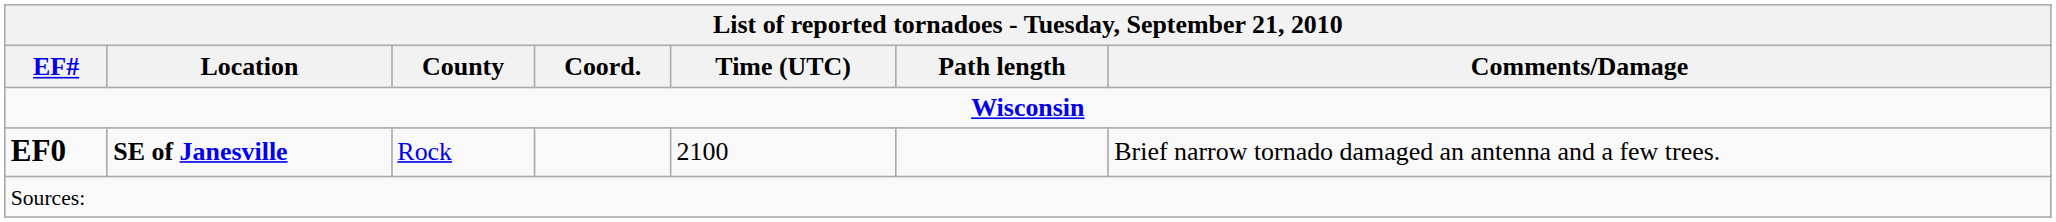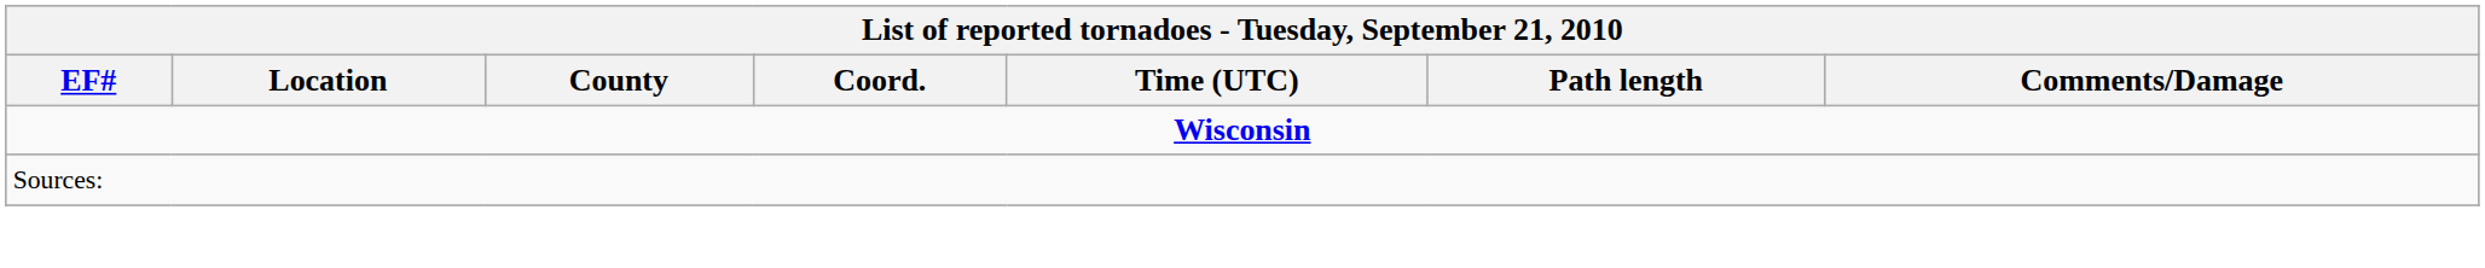 <table class="wikitable collapsible" width="100%">
 <tr>
 <th colspan="7">List of reported tornadoes - Tuesday, September 21, 2010</th>
 </tr>
 <tr>
 <th><a href='#'>EF#</a></th>
 <th>Location</th>
 <th>County</th>
 <th>Coord.</th>
 <th>Time (UTC)</th>
 <th>Path length</th>
 <th>Comments/Damage</th>
 </tr>
 <tr>
 <td colspan="7" align=center><strong><a href='#'>Wisconsin</a></strong></td>
 </tr>
 <tr>
-<td><big><strong>EF0</strong></big></td>
-<td><strong>SE of <a href='#'>Janesville</a></strong></td>
-<td><a href='#'>Rock</a></td>
-<td></td>
-<td>2100</td>
-<td></td>
-<td>Brief narrow tornado damaged an antenna and a few trees.</td>
-</tr>
-<tr>
 <td colspan="7"><small>Sources:<br></small></td>
 </tr>
 </table>
